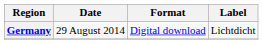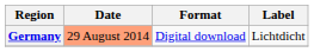 <table class="wikitable plainrowheaders">
 <tr>
 <th scope="col">Region</th>
 <th scope="col">Date</th>
 <th scope="col">Format</th>
 <th scope="col">Label</th>
 </tr>
 <tr>
 <th scope="row"><a href='#'>Germany</a></th>
-<td>29 August 2014</td>
+<td style="background: lightsalmon;">29 August 2014</td>
 <td><a href='#'>Digital download</a></td>
 <td>Lichtdicht</td>
 </tr>
 <tr>
 </tr>
 </table>
